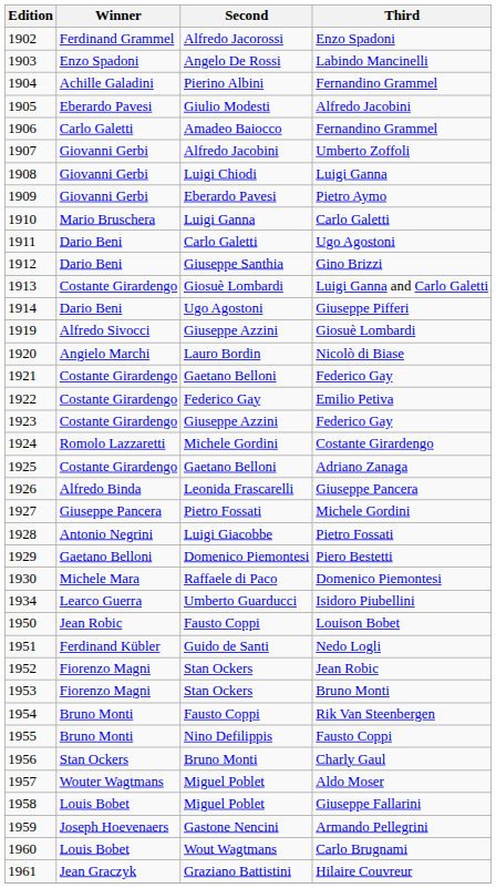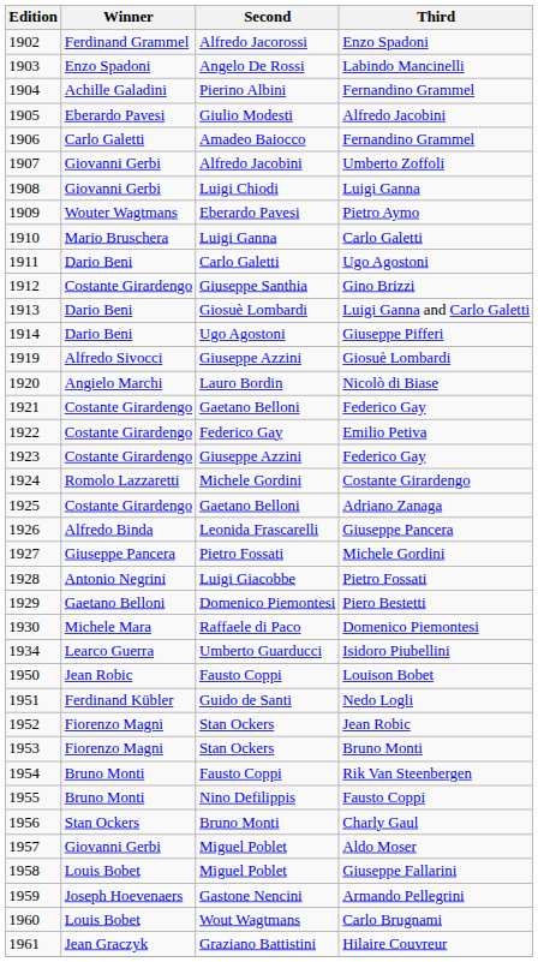 <table class="wikitable">
 <tr>
 <th>Edition</th>
 <th>Winner</th>
 <th>Second</th>
 <th>Third</th>
 </tr>
 <tr>
 <td>1902</td>
 <td> <a href='#'>Ferdinand Grammel</a></td>
 <td> <a href='#'>Alfredo Jacorossi</a></td>
 <td> <a href='#'>Enzo Spadoni</a></td>
 </tr>
 <tr>
 <td>1903</td>
 <td> <a href='#'>Enzo Spadoni</a></td>
 <td> <a href='#'>Angelo De Rossi</a></td>
 <td> <a href='#'>Labindo Mancinelli</a></td>
 </tr>
 <tr>
 <td>1904</td>
 <td> <a href='#'>Achille Galadini</a></td>
 <td> <a href='#'>Pierino Albini</a></td>
 <td> <a href='#'>Fernandino Grammel</a></td>
 </tr>
 <tr>
 <td>1905</td>
 <td> <a href='#'>Eberardo Pavesi</a></td>
 <td> <a href='#'>Giulio Modesti</a></td>
 <td> <a href='#'>Alfredo Jacobini</a></td>
 </tr>
 <tr>
 <td>1906</td>
 <td> <a href='#'>Carlo Galetti</a></td>
 <td> <a href='#'>Amadeo Baiocco</a></td>
 <td> <a href='#'>Fernandino Grammel</a></td>
 </tr>
 <tr>
 <td>1907</td>
 <td> <a href='#'>Giovanni Gerbi</a></td>
 <td> <a href='#'>Alfredo Jacobini</a></td>
 <td> <a href='#'>Umberto Zoffoli</a></td>
 </tr>
 <tr>
 <td>1908</td>
 <td> <a href='#'>Giovanni Gerbi</a></td>
 <td> <a href='#'>Luigi Chiodi</a></td>
 <td> <a href='#'>Luigi Ganna</a></td>
 </tr>
 <tr>
 <td>1909</td>
-<td> <a href='#'>Giovanni Gerbi</a></td>
+<td> <a href='#'>Wouter Wagtmans</a></td>
 <td> <a href='#'>Eberardo Pavesi</a></td>
 <td> <a href='#'>Pietro Aymo</a></td>
 </tr>
 <tr>
 <td>1910</td>
 <td> <a href='#'>Mario Bruschera</a></td>
 <td> <a href='#'>Luigi Ganna</a></td>
 <td> <a href='#'>Carlo Galetti</a></td>
 </tr>
 <tr>
 <td>1911</td>
 <td> <a href='#'>Dario Beni</a></td>
 <td> <a href='#'>Carlo Galetti</a></td>
 <td> <a href='#'>Ugo Agostoni</a></td>
 </tr>
 <tr>
 <td>1912</td>
-<td> <a href='#'>Dario Beni</a></td>
+<td> <a href='#'>Costante Girardengo</a></td>
 <td> <a href='#'>Giuseppe Santhia</a></td>
 <td> <a href='#'>Gino Brizzi</a></td>
 </tr>
 <tr>
 <td>1913</td>
-<td> <a href='#'>Costante Girardengo</a></td>
+<td> <a href='#'>Dario Beni</a></td>
 <td> <a href='#'>Giosuè Lombardi</a></td>
 <td> <a href='#'>Luigi Ganna</a> and <a href='#'>Carlo Galetti</a></td>
 </tr>
 <tr>
 <td>1914</td>
 <td> <a href='#'>Dario Beni</a></td>
 <td> <a href='#'>Ugo Agostoni</a></td>
 <td> <a href='#'>Giuseppe Pifferi</a></td>
 </tr>
 <tr>
 <td>1919</td>
 <td> <a href='#'>Alfredo Sivocci</a></td>
 <td> <a href='#'>Giuseppe Azzini</a></td>
 <td> <a href='#'>Giosuè Lombardi</a></td>
 </tr>
 <tr>
 <td>1920</td>
 <td> <a href='#'>Angielo Marchi</a></td>
 <td> <a href='#'>Lauro Bordin</a></td>
 <td> <a href='#'>Nicolò di Biase</a></td>
 </tr>
 <tr>
 <td>1921</td>
 <td> <a href='#'>Costante Girardengo</a></td>
 <td> <a href='#'>Gaetano Belloni</a></td>
 <td> <a href='#'>Federico Gay</a></td>
 </tr>
 <tr>
 <td>1922</td>
 <td> <a href='#'>Costante Girardengo</a></td>
 <td> <a href='#'>Federico Gay</a></td>
 <td> <a href='#'>Emilio Petiva</a></td>
 </tr>
 <tr>
 <td>1923</td>
 <td> <a href='#'>Costante Girardengo</a></td>
 <td> <a href='#'>Giuseppe Azzini</a></td>
 <td> <a href='#'>Federico Gay</a></td>
 </tr>
 <tr>
 <td>1924</td>
 <td> <a href='#'>Romolo Lazzaretti</a></td>
 <td> <a href='#'>Michele Gordini</a></td>
 <td> <a href='#'>Costante Girardengo</a></td>
 </tr>
 <tr>
 <td>1925</td>
 <td> <a href='#'>Costante Girardengo</a></td>
 <td> <a href='#'>Gaetano Belloni</a></td>
 <td> <a href='#'>Adriano Zanaga</a></td>
 </tr>
 <tr>
 <td>1926</td>
 <td> <a href='#'>Alfredo Binda</a></td>
 <td> <a href='#'>Leonida Frascarelli</a></td>
 <td> <a href='#'>Giuseppe Pancera</a></td>
 </tr>
 <tr>
 <td>1927</td>
 <td> <a href='#'>Giuseppe Pancera</a></td>
 <td> <a href='#'>Pietro Fossati</a></td>
 <td> <a href='#'>Michele Gordini</a></td>
 </tr>
 <tr>
 <td>1928</td>
 <td> <a href='#'>Antonio Negrini</a></td>
 <td> <a href='#'>Luigi Giacobbe</a></td>
 <td> <a href='#'>Pietro Fossati</a></td>
 </tr>
 <tr>
 <td>1929</td>
 <td> <a href='#'>Gaetano Belloni</a></td>
 <td> <a href='#'>Domenico Piemontesi</a></td>
 <td> <a href='#'>Piero Bestetti</a></td>
 </tr>
 <tr>
 <td>1930</td>
 <td> <a href='#'>Michele Mara</a></td>
 <td> <a href='#'>Raffaele di Paco</a></td>
 <td> <a href='#'>Domenico Piemontesi</a></td>
 </tr>
 <tr>
 <td>1934</td>
 <td> <a href='#'>Learco Guerra</a></td>
 <td> <a href='#'>Umberto Guarducci</a></td>
 <td> <a href='#'>Isidoro Piubellini</a></td>
 </tr>
 <tr>
 <td>1950</td>
 <td> <a href='#'>Jean Robic</a></td>
 <td> <a href='#'>Fausto Coppi</a></td>
 <td> <a href='#'>Louison Bobet</a></td>
 </tr>
 <tr>
 <td>1951</td>
 <td> <a href='#'>Ferdinand Kübler</a></td>
 <td> <a href='#'>Guido de Santi</a></td>
 <td> <a href='#'>Nedo Logli</a></td>
 </tr>
 <tr>
 <td>1952</td>
 <td> <a href='#'>Fiorenzo Magni</a></td>
 <td> <a href='#'>Stan Ockers</a></td>
 <td> <a href='#'>Jean Robic</a></td>
 </tr>
 <tr>
 <td>1953</td>
 <td> <a href='#'>Fiorenzo Magni</a></td>
 <td> <a href='#'>Stan Ockers</a></td>
 <td> <a href='#'>Bruno Monti</a></td>
 </tr>
 <tr>
 <td>1954</td>
 <td> <a href='#'>Bruno Monti</a></td>
 <td> <a href='#'>Fausto Coppi</a></td>
 <td> <a href='#'>Rik Van Steenbergen</a></td>
 </tr>
 <tr>
 <td>1955</td>
 <td> <a href='#'>Bruno Monti</a></td>
 <td> <a href='#'>Nino Defilippis</a></td>
 <td> <a href='#'>Fausto Coppi</a></td>
 </tr>
 <tr>
 <td>1956</td>
 <td> <a href='#'>Stan Ockers</a></td>
 <td> <a href='#'>Bruno Monti</a></td>
 <td> <a href='#'>Charly Gaul</a></td>
 </tr>
 <tr>
 <td>1957</td>
-<td> <a href='#'>Wouter Wagtmans</a></td>
+<td> <a href='#'>Giovanni Gerbi</a></td>
 <td> <a href='#'>Miguel Poblet</a></td>
 <td> <a href='#'>Aldo Moser</a></td>
 </tr>
 <tr>
 <td>1958</td>
 <td> <a href='#'>Louis Bobet</a></td>
 <td> <a href='#'>Miguel Poblet</a></td>
 <td> <a href='#'>Giuseppe Fallarini</a></td>
 </tr>
 <tr>
 <td>1959</td>
 <td> <a href='#'>Joseph Hoevenaers</a></td>
 <td> <a href='#'>Gastone Nencini</a></td>
 <td> <a href='#'>Armando Pellegrini</a></td>
 </tr>
 <tr>
 <td>1960</td>
 <td> <a href='#'>Louis Bobet</a></td>
 <td> <a href='#'>Wout Wagtmans</a></td>
 <td> <a href='#'>Carlo Brugnami</a></td>
 </tr>
 <tr>
 <td>1961</td>
 <td> <a href='#'>Jean Graczyk</a></td>
 <td> <a href='#'>Graziano Battistini</a></td>
 <td> <a href='#'>Hilaire Couvreur</a></td>
 </tr>
 <tr>
 </tr>
 </table>
